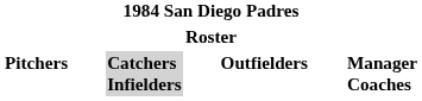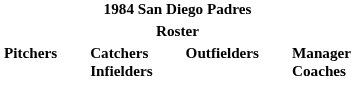 <table class="toccolours" style="font-size: 95%;">
 <tr>
 <th colspan="10" style="text-align:center; ">1984 San Diego Padres</th>
 </tr>
 <tr>
 <td colspan="10" style="text-align:center; "><strong>Roster</strong></td>
 </tr>
 <tr>
 <td valign="top"><strong>Pitchers</strong><br>            </td>
 <td width="25px"></td>
-<td valign="top" style="background: lightgrey;"><strong>Catchers</strong><br>   <strong>Infielders</strong>         </td>
+<td valign="top"><strong>Catchers</strong><br>   <strong>Infielders</strong>         </td>
 <td width="25px"></td>
 <td valign="top"><strong>Outfielders</strong><br>     </td>
 <td width="25px"></td>
 <td valign="top"><strong>Manager</strong><br> <strong>Coaches</strong>    </td>
 </tr>
 </table>
